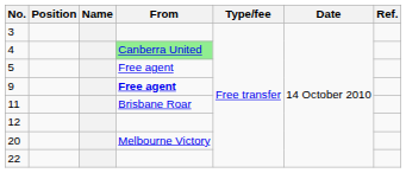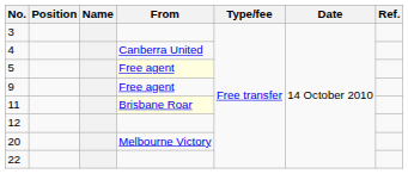 <table class="wikitable plainrowheaders sortable" style="text-align:center; text-align:left">
 <tr>
 <th>No.</th>
 <th>Position</th>
 <th>Name</th>
 <th>From</th>
 <th>Type/fee</th>
 <th>Date</th>
 <th>Ref.</th>
 </tr>
 <tr>
 <td>3</td>
 <td></td>
 <th scope="row"></th>
 <td></td>
 <td rowspan="8"><a href='#'>Free transfer</a></td>
 <td rowspan="8">14 October 2010</td>
 <td></td>
 </tr>
 <tr>
 <td>4</td>
 <td></td>
 <th scope="row"></th>
-<td style="background: lightgreen;"><a href='#'>Canberra United</a></td>
+<td><a href='#'>Canberra United</a></td>
 <td></td>
 </tr>
 <tr>
 <td>5</td>
 <td></td>
 <th scope="row"></th>
-<td><a href='#'>Free agent</a></td>
+<td style="background: lightyellow;"><a href='#'>Free agent</a></td>
 <td></td>
 </tr>
 <tr>
 <td>9</td>
 <td></td>
 <th scope="row"></th>
-<td><strong><a href='#'>Free agent</a></strong></td>
+<td><a href='#'>Free agent</a></td>
 <td></td>
 </tr>
 <tr>
 <td>11</td>
 <td></td>
 <th scope="row"></th>
-<td><a href='#'>Brisbane Roar</a></td>
+<td style="background: lightyellow;"><a href='#'>Brisbane Roar</a></td>
 <td></td>
 </tr>
 <tr>
 <td>12</td>
 <td></td>
 <th scope="row"></th>
 <td></td>
 <td></td>
 </tr>
 <tr>
 <td>20</td>
 <td></td>
 <th scope="row"></th>
 <td><a href='#'>Melbourne Victory</a></td>
 <td></td>
 </tr>
 <tr>
 <td>22</td>
 <td></td>
 <th scope="row"></th>
 <td></td>
 <td></td>
 </tr>
 </table>
